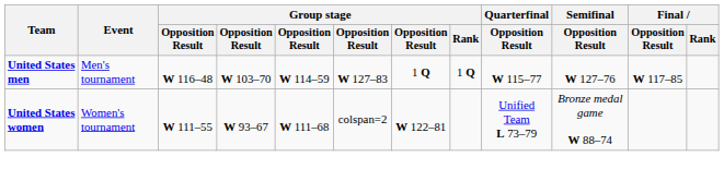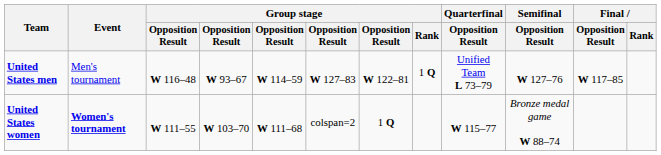 <table class=wikitable style=font-size:90%;text-align:center>
 <tr>
 <th rowspan=2>Team</th>
 <th rowspan=2>Event</th>
 <th colspan=6>Group stage</th>
 <th>Quarterfinal</th>
 <th>Semifinal</th>
 <th colspan=2>Final / </th>
 </tr>
 <tr style=font-size:95%>
 <th>Opposition<br>Result</th>
 <th>Opposition<br>Result</th>
 <th>Opposition<br>Result</th>
 <th>Opposition<br>Result</th>
 <th>Opposition<br>Result</th>
 <th>Rank</th>
 <th>Opposition<br>Result</th>
 <th>Opposition<br>Result</th>
 <th>Opposition<br>Result</th>
 <th>Rank</th>
 </tr>
 <tr>
 <td align=left><strong><a href='#'>United States men</a></strong></td>
 <td align=left><a href='#'>Men's tournament</a></td>
 <td><br><strong>W</strong> 116–48</td>
-<td><br><strong>W</strong> 103–70</td>
+<td><br><strong>W</strong> 93–67</td>
 <td><br><strong>W</strong> 114–59</td>
 <td><br><strong>W</strong> 127–83</td>
+<td><br><strong>W</strong> 122–81</td>
 <td>1 <strong>Q</strong></td>
-<td>1 <strong>Q</strong></td>
-<td><br><strong>W</strong> 115–77</td>
+<td> <a href='#'>Unified Team</a><br><strong>L</strong> 73–79</td>
 <td><br><strong>W</strong> 127–76</td>
 <td><br><strong>W</strong> 117–85</td>
 <td></td>
 </tr>
 <tr>
 <td align=left><strong><a href='#'>United States women</a></strong></td>
-<td align=left><a href='#'>Women's tournament</a></td>
+<td align=left><strong><a href='#'>Women's tournament</a></strong></td>
 <td><br><strong>W</strong> 111–55</td>
-<td><br><strong>W</strong> 93–67</td>
+<td><br><strong>W</strong> 103–70</td>
 <td><br><strong>W</strong> 111–68</td>
 <td>colspan=2 </td>
-<td><br><strong>W</strong> 122–81</td>
+<td>1 <strong>Q</strong></td>
 <td></td>
-<td> <a href='#'>Unified Team</a><br><strong>L</strong> 73–79</td>
+<td><br><strong>W</strong> 115–77</td>
 <td><em>Bronze medal game</em><br><br><strong>W</strong> 88–74</td>
 <td></td>
 </tr>
 </table>
